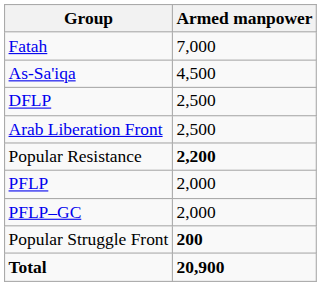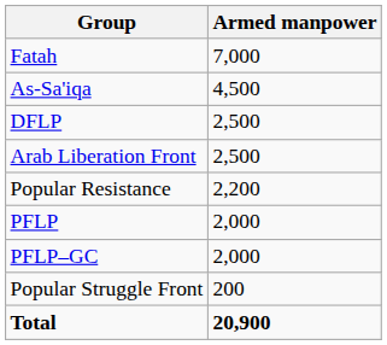 <table class="wikitable">
 <tr>
 <th>Group</th>
 <th>Armed manpower</th>
 </tr>
 <tr>
 <td><a href='#'>Fatah</a></td>
 <td>7,000</td>
 </tr>
 <tr>
 <td><a href='#'>As-Sa'iqa</a></td>
 <td>4,500</td>
 </tr>
 <tr>
 <td><a href='#'>DFLP</a></td>
 <td>2,500</td>
 </tr>
 <tr>
 <td><a href='#'>Arab Liberation Front</a></td>
 <td>2,500</td>
 </tr>
 <tr>
 <td>Popular Resistance</td>
-<td><strong>2,200</strong></td>
+<td>2,200</td>
 </tr>
 <tr>
 <td><a href='#'>PFLP</a></td>
 <td>2,000</td>
 </tr>
 <tr>
 <td><a href='#'>PFLP–GC</a></td>
 <td>2,000</td>
 </tr>
 <tr>
 <td>Popular Struggle Front</td>
-<td><strong>200</strong></td>
+<td>200</td>
 </tr>
 <tr>
 <td><strong>Total</strong></td>
 <td><strong>20,900</strong></td>
 </tr>
 </table>
